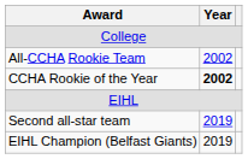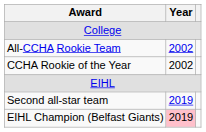 <table class="wikitable">
 <tr>
 <th>Award</th>
 <th>Year</th>
 <th></th>
 </tr>
 <tr ALIGN="center" bgcolor="#e0e0e0">
 <td colspan="3"><a href='#'>College</a></td>
 </tr>
 <tr>
 <td>All-<a href='#'>CCHA</a> <a href='#'>Rookie Team</a></td>
 <td><a href='#'>2002</a></td>
 <td></td>
 </tr>
 <tr>
 <td>CCHA Rookie of the Year</td>
-<td><strong>2002</strong></td>
+<td>2002</td>
 <td></td>
 </tr>
 <tr ALIGN="center" bgcolor="#e0e0e0">
 <td colspan="3"><a href='#'>EIHL</a></td>
 </tr>
 <tr>
 <td>Second all-star team</td>
 <td><a href='#'>2019</a></td>
 <td></td>
 </tr>
 <tr>
 <td>EIHL Champion (Belfast Giants)</td>
-<td>2019</td>
+<td style="background: pink;">2019</td>
 <td></td>
 </tr>
 </table>
